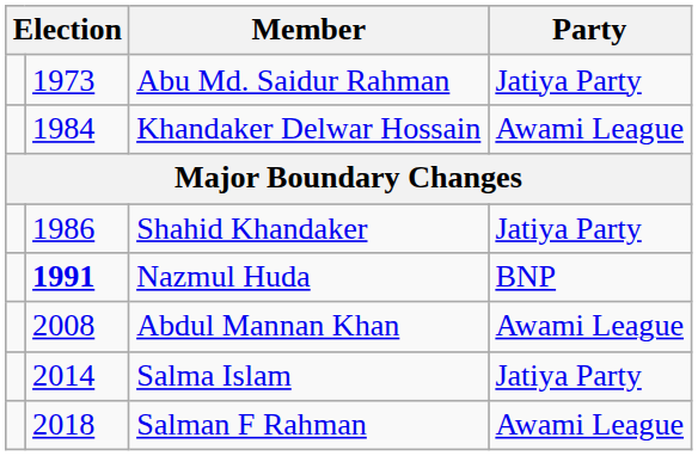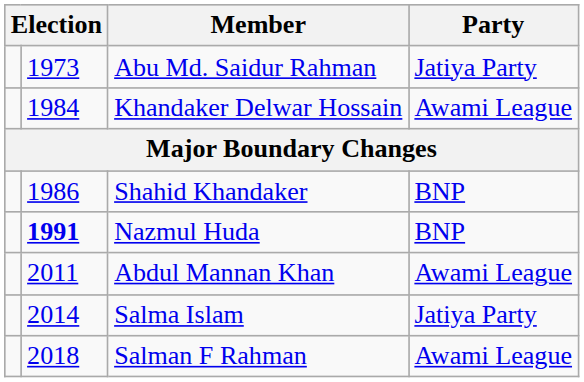 <table class="wikitable">
 <tr>
 <th colspan="2">Election</th>
 <th>Member</th>
 <th>Party</th>
 </tr>
 <tr>
 <td style="background-color:"></td>
 <td><a href='#'>1973</a></td>
 <td><a href='#'>Abu Md. Saidur Rahman</a></td>
 <td><a href='#'>Jatiya Party</a></td>
 </tr>
 <tr>
 <td style="background-color:"></td>
 <td><a href='#'>1984</a></td>
 <td><a href='#'>Khandaker Delwar Hossain</a></td>
 <td><a href='#'>Awami League</a></td>
 </tr>
 <tr>
 <th colspan="4">Major Boundary Changes</th>
 </tr>
 <tr>
 <td style="background-color:"></td>
 <td><a href='#'>1986</a></td>
 <td><a href='#'>Shahid Khandaker</a></td>
-<td><a href='#'>Jatiya Party</a></td>
+<td><a href='#'>BNP</a></td>
 </tr>
 <tr>
 <td style="background-color:"></td>
 <td><strong><a href='#'>1991</a></strong></td>
 <td><a href='#'>Nazmul Huda</a></td>
 <td><a href='#'>BNP</a></td>
 </tr>
 <tr>
 <td style="background-color:"></td>
-<td><a href='#'>2008</a></td>
+<td><a href='#'>2011</a></td>
 <td><a href='#'>Abdul Mannan Khan</a></td>
 <td><a href='#'>Awami League</a></td>
 </tr>
 <tr>
 <td style="background-color:"></td>
 <td><a href='#'>2014</a></td>
 <td><a href='#'>Salma Islam</a></td>
 <td><a href='#'>Jatiya Party</a></td>
 </tr>
 <tr>
 <td style="background-color:"></td>
 <td><a href='#'>2018</a></td>
 <td><a href='#'>Salman F Rahman</a></td>
 <td><a href='#'>Awami League</a></td>
 </tr>
 </table>
